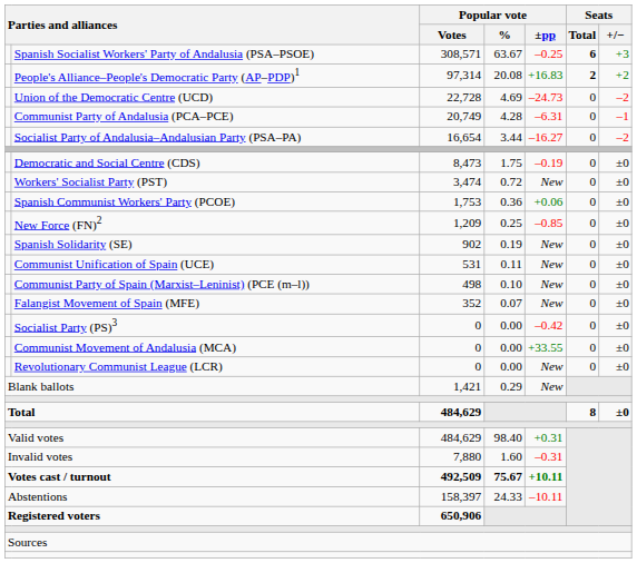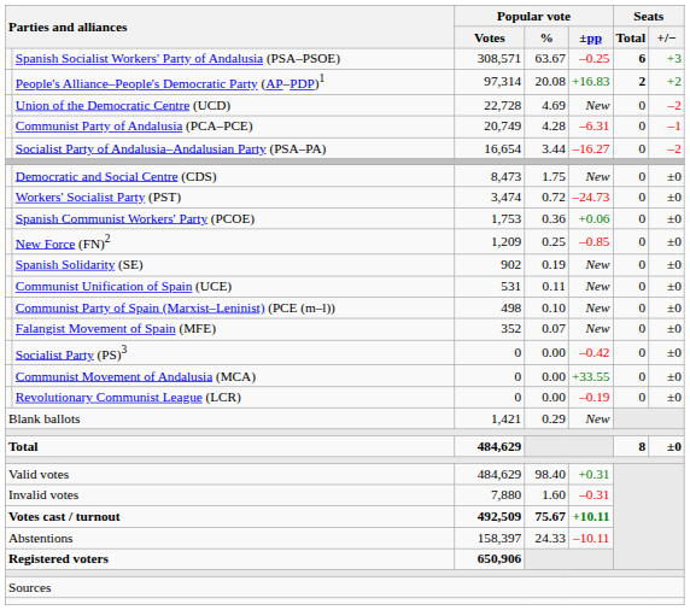 <table class="wikitable" style="text-align:right;">
 <tr>
 <th style="text-align:left;" rowspan="2" colspan="2" width="525">Parties and alliances</th>
 <th colspan="3">Popular vote</th>
 <th colspan="2">Seats</th>
 </tr>
 <tr>
 <th width="75">Votes</th>
 <th width="45">%</th>
 <th width="45">±<a href='#'>pp</a></th>
 <th width="35">Total</th>
 <th width="35">+/−</th>
 </tr>
 <tr>
 <td width="1" style="color:inherit;background:"></td>
 <td align="left"><a href='#'>Spanish Socialist Workers' Party of Andalusia</a> (PSA–PSOE)</td>
 <td>308,571</td>
 <td>63.67</td>
 <td style="color:red;">–0.25</td>
 <td><strong>6</strong></td>
 <td style="color:green;">+3</td>
 </tr>
 <tr>
 <td style="color:inherit;background:"></td>
 <td align="left"><a href='#'>People's Alliance–People's Democratic Party</a> (<a href='#'>AP</a>–<a href='#'>PDP</a>)<sup>1</sup></td>
 <td>97,314</td>
 <td>20.08</td>
 <td style="color:green;">+16.83</td>
 <td><strong>2</strong></td>
 <td style="color:green;">+2</td>
 </tr>
 <tr>
 <td style="color:inherit;background:"></td>
 <td align="left"><a href='#'>Union of the Democratic Centre</a> (UCD)</td>
 <td>22,728</td>
 <td>4.69</td>
-<td style="color:red;">–24.73</td>
+<td><em>New</em></td>
 <td>0</td>
 <td style="color:red;">–2</td>
 </tr>
 <tr>
 <td style="color:inherit;background:"></td>
 <td align="left"><a href='#'>Communist Party of Andalusia</a> (PCA–PCE)</td>
 <td>20,749</td>
 <td>4.28</td>
 <td style="color:red;">–6.31</td>
 <td>0</td>
 <td style="color:red;">–1</td>
 </tr>
 <tr>
 <td style="color:inherit;background:"></td>
 <td align="left"><a href='#'>Socialist Party of Andalusia–Andalusian Party</a> (PSA–PA)</td>
 <td>16,654</td>
 <td>3.44</td>
 <td style="color:red;">–16.27</td>
 <td>0</td>
 <td style="color:red;">–2</td>
 </tr>
 <tr>
 <td colspan="7" bgcolor="#C0C0C0"></td>
 </tr>
 <tr>
 <td style="color:inherit;background:"></td>
 <td align="left"><a href='#'>Democratic and Social Centre</a> (CDS)</td>
 <td>8,473</td>
 <td>1.75</td>
-<td style="color:red;">–0.19</td>
+<td><em>New</em></td>
 <td>0</td>
 <td>±0</td>
 </tr>
 <tr>
 <td style="color:inherit;background:"></td>
 <td align="left"><a href='#'>Workers' Socialist Party</a> (PST)</td>
 <td>3,474</td>
 <td>0.72</td>
-<td><em>New</em></td>
+<td style="color:red;">–24.73</td>
 <td>0</td>
 <td>±0</td>
 </tr>
 <tr>
 <td style="color:inherit;background:"></td>
 <td align="left"><a href='#'>Spanish Communist Workers' Party</a> (PCOE)</td>
 <td>1,753</td>
 <td>0.36</td>
 <td style="color:green;">+0.06</td>
 <td>0</td>
 <td>±0</td>
 </tr>
 <tr>
 <td style="color:inherit;background:"></td>
 <td align="left"><a href='#'>New Force</a> (FN)<sup>2</sup></td>
 <td>1,209</td>
 <td>0.25</td>
 <td style="color:red;">–0.85</td>
 <td>0</td>
 <td>±0</td>
 </tr>
 <tr>
 <td style="color:inherit;background:"></td>
 <td align="left"><a href='#'>Spanish Solidarity</a> (SE)</td>
 <td>902</td>
 <td>0.19</td>
 <td><em>New</em></td>
 <td>0</td>
 <td>±0</td>
 </tr>
 <tr>
 <td style="color:inherit;background:"></td>
 <td align="left"><a href='#'>Communist Unification of Spain</a> (UCE)</td>
 <td>531</td>
 <td>0.11</td>
 <td><em>New</em></td>
 <td>0</td>
 <td>±0</td>
 </tr>
 <tr>
 <td style="color:inherit;background:"></td>
 <td align="left"><a href='#'>Communist Party of Spain (Marxist–Leninist)</a> (PCE (m–l))</td>
 <td>498</td>
 <td>0.10</td>
 <td><em>New</em></td>
 <td>0</td>
 <td>±0</td>
 </tr>
 <tr>
 <td style="color:inherit;background:"></td>
 <td align="left"><a href='#'>Falangist Movement of Spain</a> (MFE)</td>
 <td>352</td>
 <td>0.07</td>
 <td><em>New</em></td>
 <td>0</td>
 <td>±0</td>
 </tr>
 <tr>
 <td style="color:inherit;background:"></td>
 <td align="left"><a href='#'>Socialist Party</a> (PS)<sup>3</sup></td>
 <td>0</td>
 <td>0.00</td>
 <td style="color:red;">–0.42</td>
 <td>0</td>
 <td>±0</td>
 </tr>
 <tr>
 <td style="color:inherit;background:"></td>
 <td align="left"><a href='#'>Communist Movement of Andalusia</a> (MCA)</td>
 <td>0</td>
 <td>0.00</td>
 <td style="color:green;">+33.55</td>
 <td>0</td>
 <td>±0</td>
 </tr>
 <tr>
 <td style="color:inherit;background:"></td>
 <td align="left"><a href='#'>Revolutionary Communist League</a> (LCR)</td>
 <td>0</td>
 <td>0.00</td>
-<td><em>New</em></td>
+<td style="color:red;">–0.19</td>
 <td>0</td>
 <td>±0</td>
 </tr>
 <tr>
 <td align="left" colspan="2">Blank ballots</td>
 <td>1,421</td>
 <td>0.29</td>
 <td><em>New</em></td>
 <td bgcolor="#E9E9E9" colspan="2"></td>
 </tr>
 <tr>
 <td colspan="7" bgcolor="#E9E9E9"></td>
 </tr>
 <tr style="font-weight:bold;">
 <td align="left" colspan="2">Total</td>
 <td>484,629</td>
 <td bgcolor="#E9E9E9" colspan="2"></td>
 <td>8</td>
 <td>±0</td>
 </tr>
 <tr>
 <td colspan="7" bgcolor="#E9E9E9"></td>
 </tr>
 <tr>
 <td align="left" colspan="2">Valid votes</td>
 <td>484,629</td>
 <td>98.40</td>
 <td style="color:green;">+0.31</td>
 <td bgcolor="#E9E9E9" colspan="2" rowspan="5"></td>
 </tr>
 <tr>
 <td align="left" colspan="2">Invalid votes</td>
 <td>7,880</td>
 <td>1.60</td>
 <td style="color:red;">–0.31</td>
 </tr>
 <tr style="font-weight:bold;">
 <td align="left" colspan="2">Votes cast / turnout</td>
 <td>492,509</td>
 <td>75.67</td>
 <td style="color:green;">+10.11</td>
 </tr>
 <tr>
 <td align="left" colspan="2">Abstentions</td>
 <td>158,397</td>
 <td>24.33</td>
 <td style="color:red;">–10.11</td>
 </tr>
 <tr style="font-weight:bold;">
 <td align="left" colspan="2">Registered voters</td>
 <td>650,906</td>
 <td bgcolor="#E9E9E9" colspan="2"></td>
 </tr>
 <tr>
 <td colspan="7" bgcolor="#E9E9E9"></td>
 </tr>
 <tr>
 <td align="left" colspan="7">Sources</td>
 </tr>
 <tr>
 <td colspan="7" style="text-align:left; max-width:790px;"></td>
 </tr>
 </table>
